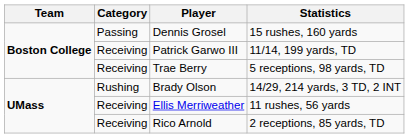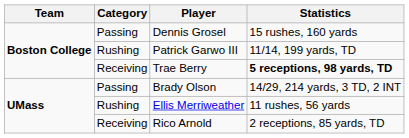 <table class="wikitable" style="float: left;">
 <tr>
 <th>Team</th>
 <th>Category</th>
 <th>Player</th>
 <th>Statistics</th>
 </tr>
 <tr>
 <td rowspan=3><strong>Boston College</strong></td>
 <td>Passing</td>
 <td>Dennis Grosel</td>
 <td>15 rushes, 160 yards</td>
 </tr>
 <tr>
-<td>Receiving</td>
+<td>Rushing</td>
 <td>Patrick Garwo III</td>
 <td>11/14, 199 yards, TD</td>
 </tr>
 <tr>
 <td>Receiving</td>
 <td>Trae Berry</td>
-<td>5 receptions, 98 yards, TD</td>
+<td><strong>5 receptions, 98 yards, TD</strong></td>
 </tr>
 <tr>
 <td rowspan=3><strong>UMass</strong></td>
-<td>Rushing</td>
+<td>Passing</td>
 <td>Brady Olson</td>
 <td>14/29, 214 yards, 3 TD, 2 INT</td>
 </tr>
 <tr>
-<td>Receiving</td>
+<td>Rushing</td>
 <td><a href='#'>Ellis Merriweather</a></td>
 <td>11 rushes, 56 yards</td>
 </tr>
 <tr>
 <td>Receiving</td>
 <td>Rico Arnold</td>
 <td>2 receptions, 85 yards, TD</td>
 </tr>
 </table>
